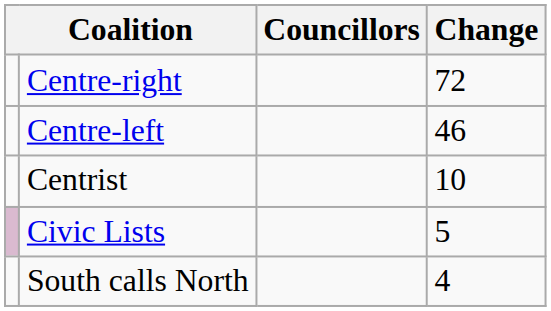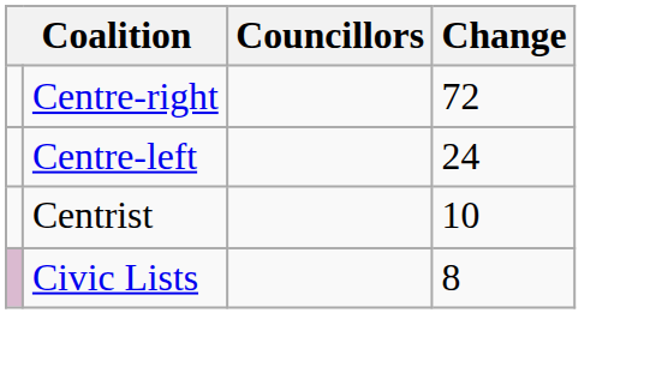 <table class="wikitable">
 <tr>
 <th colspan="2">Coalition</th>
 <th>Councillors</th>
 <th>Change</th>
 </tr>
 <tr>
 <td></td>
 <td><a href='#'>Centre-right</a></td>
 <td></td>
 <td>72</td>
 </tr>
 <tr>
 <td></td>
 <td><a href='#'>Centre-left</a></td>
 <td></td>
-<td>46</td>
+<td>24</td>
 </tr>
 <tr>
 <td></td>
 <td>Centrist</td>
 <td></td>
 <td>10</td>
 </tr>
 <tr>
 <td bgcolor="#DABAD0"></td>
 <td><a href='#'>Civic Lists</a></td>
 <td></td>
-<td>5</td>
-</tr>
-<tr>
-<td></td>
-<td>South calls North</td>
-<td></td>
-<td>4</td>
+<td>8</td>
 </tr>
 </table>
